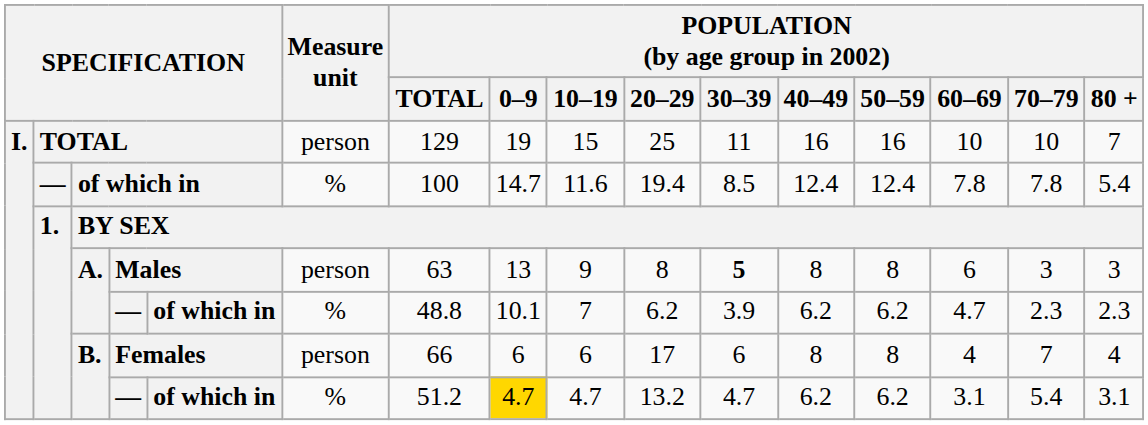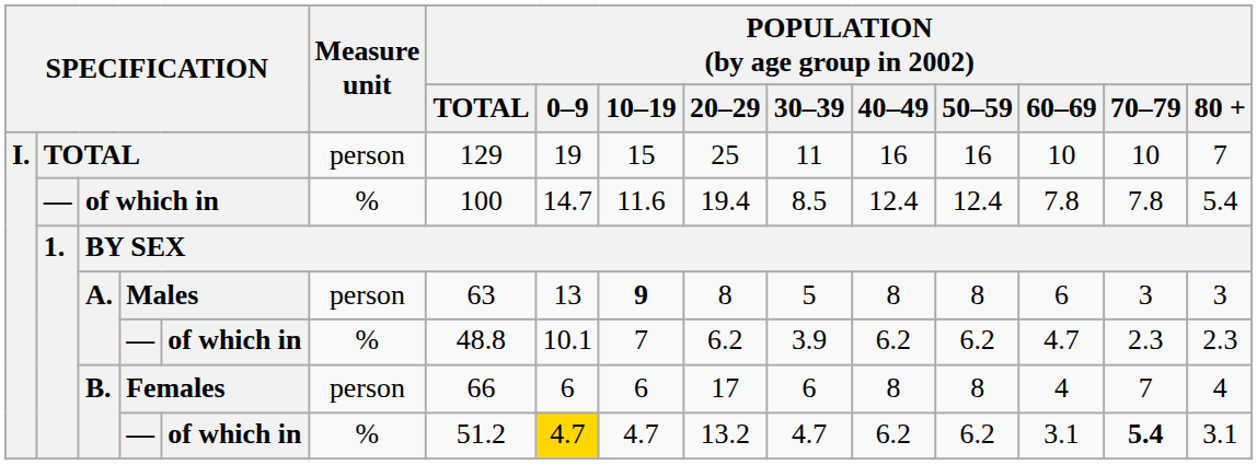 <table class="wikitable" style="font-size:85%; text-align:center">
 <tr>
 <th rowspan="2" colspan="5">SPECIFICATION</th>
 <th rowspan="2">Measure<br> unit</th>
 <th colspan="10" rowspan="1">POPULATION<br> (by age group in 2002)</th>
 </tr>
 <tr>
 <th>TOTAL</th>
 <th>0–9</th>
 <th>10–19</th>
 <th>20–29</th>
 <th>30–39</th>
 <th>40–49</th>
 <th>50–59</th>
 <th>60–69</th>
 <th>70–79</th>
 <th>80 +</th>
 </tr>
 <tr>
 <th style="text-align:left" valign="top" rowspan="7">I.</th>
 <th style="text-align:left" colspan="4">TOTAL</th>
 <td>person</td>
 <td>129</td>
 <td>19</td>
 <td>15</td>
 <td>25</td>
 <td>11</td>
 <td>16</td>
 <td>16</td>
 <td>10</td>
 <td>10</td>
 <td>7</td>
 </tr>
 <tr>
 <th style="text-align:left" valign="top">—</th>
 <th style="text-align:left" colspan="3">of which in</th>
 <td>%</td>
 <td>100</td>
 <td>14.7</td>
 <td>11.6</td>
 <td>19.4</td>
 <td>8.5</td>
 <td>12.4</td>
 <td>12.4</td>
 <td>7.8</td>
 <td>7.8</td>
 <td>5.4</td>
 </tr>
 <tr>
 <th style="text-align:left" valign="top" rowspan="5">1.</th>
 <th style="text-align:left" colspan="14">BY SEX</th>
 </tr>
 <tr>
 <th style="text-align:left" valign="top" rowspan="2">A.</th>
 <th style="text-align:left" colspan="2">Males</th>
 <td>person</td>
 <td>63</td>
 <td>13</td>
-<td>9</td>
+<td><strong>9</strong></td>
 <td>8</td>
-<td><strong>5</strong></td>
+<td>5</td>
 <td>8</td>
 <td>8</td>
 <td>6</td>
 <td>3</td>
 <td>3</td>
 </tr>
 <tr>
 <th style="text-align:left" valign="top">—</th>
 <th style="text-align:left" colspan="1">of which in</th>
 <td>%</td>
 <td>48.8</td>
 <td>10.1</td>
 <td>7</td>
 <td>6.2</td>
 <td>3.9</td>
 <td>6.2</td>
 <td>6.2</td>
 <td>4.7</td>
 <td>2.3</td>
 <td>2.3</td>
 </tr>
 <tr>
 <th style="text-align:left" valign="top" rowspan="2">B.</th>
 <th style="text-align:left" colspan="2">Females</th>
 <td>person</td>
 <td>66</td>
 <td>6</td>
 <td>6</td>
 <td>17</td>
 <td>6</td>
 <td>8</td>
 <td>8</td>
 <td>4</td>
 <td>7</td>
 <td>4</td>
 </tr>
 <tr>
 <th style="text-align:left" valign="top">—</th>
 <th style="text-align:left" colspan="1">of which in</th>
 <td>%</td>
 <td>51.2</td>
 <td style="background: gold;">4.7</td>
 <td>4.7</td>
 <td>13.2</td>
 <td>4.7</td>
 <td>6.2</td>
 <td>6.2</td>
 <td>3.1</td>
-<td>5.4</td>
+<td><strong>5.4</strong></td>
 <td>3.1</td>
 </tr>
 </table>
